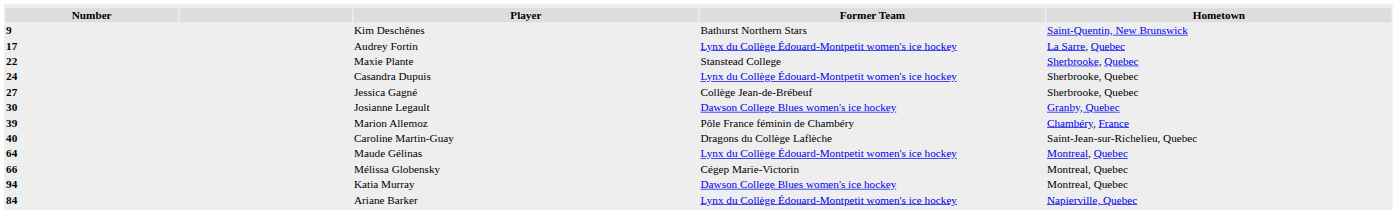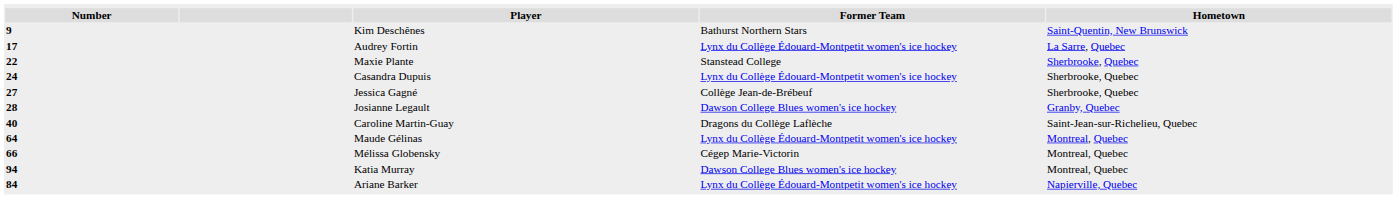 <table style="texti-align:center; background:#eeeeee;">
 <tr>
 <th colspan=2></th>
 </tr>
 <tr style="background:#dddddd;">
 <th width=5%>Number</th>
 <th width=5%></th>
 <th width=10%>Player</th>
 <th width=10%>Former Team</th>
 <th width=10%>Hometown</th>
 </tr>
 <tr>
 <td><strong>9</strong></td>
 <td></td>
 <td>Kim Deschênes</td>
 <td>Bathurst Northern Stars</td>
 <td><a href='#'>Saint-Quentin, New Brunswick</a></td>
 </tr>
 <tr>
 <td><strong>17</strong></td>
 <td></td>
 <td>Audrey Fortin</td>
 <td><a href='#'>Lynx du Collège Édouard-Montpetit women's ice hockey</a></td>
 <td><a href='#'>La Sarre</a>, <a href='#'>Quebec</a></td>
 </tr>
 <tr>
 <td><strong>22</strong></td>
 <td></td>
 <td>Maxie Plante</td>
 <td>Stanstead College</td>
 <td><a href='#'>Sherbrooke</a>, <a href='#'>Quebec</a></td>
 </tr>
 <tr>
 <td><strong>24</strong></td>
 <td></td>
 <td>Casandra Dupuis</td>
 <td><a href='#'>Lynx du Collège Édouard-Montpetit women's ice hockey</a></td>
 <td>Sherbrooke, Quebec</td>
 </tr>
 <tr>
 <td><strong>27</strong></td>
 <td></td>
 <td>Jessica Gagné</td>
 <td>Collège Jean-de-Brébeuf</td>
 <td>Sherbrooke, Quebec</td>
 </tr>
 <tr>
-<td><strong>30</strong></td>
+<td><strong>28</strong></td>
 <td></td>
 <td>Josianne Legault</td>
 <td><a href='#'>Dawson College Blues women's ice hockey</a></td>
 <td><a href='#'>Granby, Quebec</a></td>
-</tr>
-<tr>
-<td><strong>39</strong></td>
-<td></td>
-<td>Marion Allemoz</td>
-<td>Pôle France féminin de Chambéry</td>
-<td><a href='#'>Chambéry</a>, <a href='#'>France</a></td>
 </tr>
 <tr>
 <td><strong>40</strong></td>
 <td></td>
 <td>Caroline Martin-Guay</td>
 <td>Dragons du Collège Laflèche</td>
 <td>Saint-Jean-sur-Richelieu, Quebec</td>
 </tr>
 <tr>
 <td><strong>64</strong></td>
 <td></td>
 <td>Maude Gélinas</td>
 <td><a href='#'>Lynx du Collège Édouard-Montpetit women's ice hockey</a></td>
 <td><a href='#'>Montreal</a>, <a href='#'>Quebec</a></td>
 </tr>
 <tr>
 <td><strong>66</strong></td>
 <td></td>
 <td>Mélissa Globensky</td>
 <td>Cégep Marie-Victorin</td>
 <td>Montreal, Quebec</td>
 </tr>
 <tr>
 <td><strong>94</strong></td>
 <td></td>
 <td>Katia Murray</td>
 <td><a href='#'>Dawson College Blues women's ice hockey</a></td>
 <td>Montreal, Quebec</td>
 </tr>
 <tr>
 <td><strong>84</strong></td>
 <td></td>
 <td>Ariane Barker</td>
 <td><a href='#'>Lynx du Collège Édouard-Montpetit women's ice hockey</a></td>
 <td><a href='#'>Napierville, Quebec</a></td>
 </tr>
 <tr>
 </tr>
 </table>
